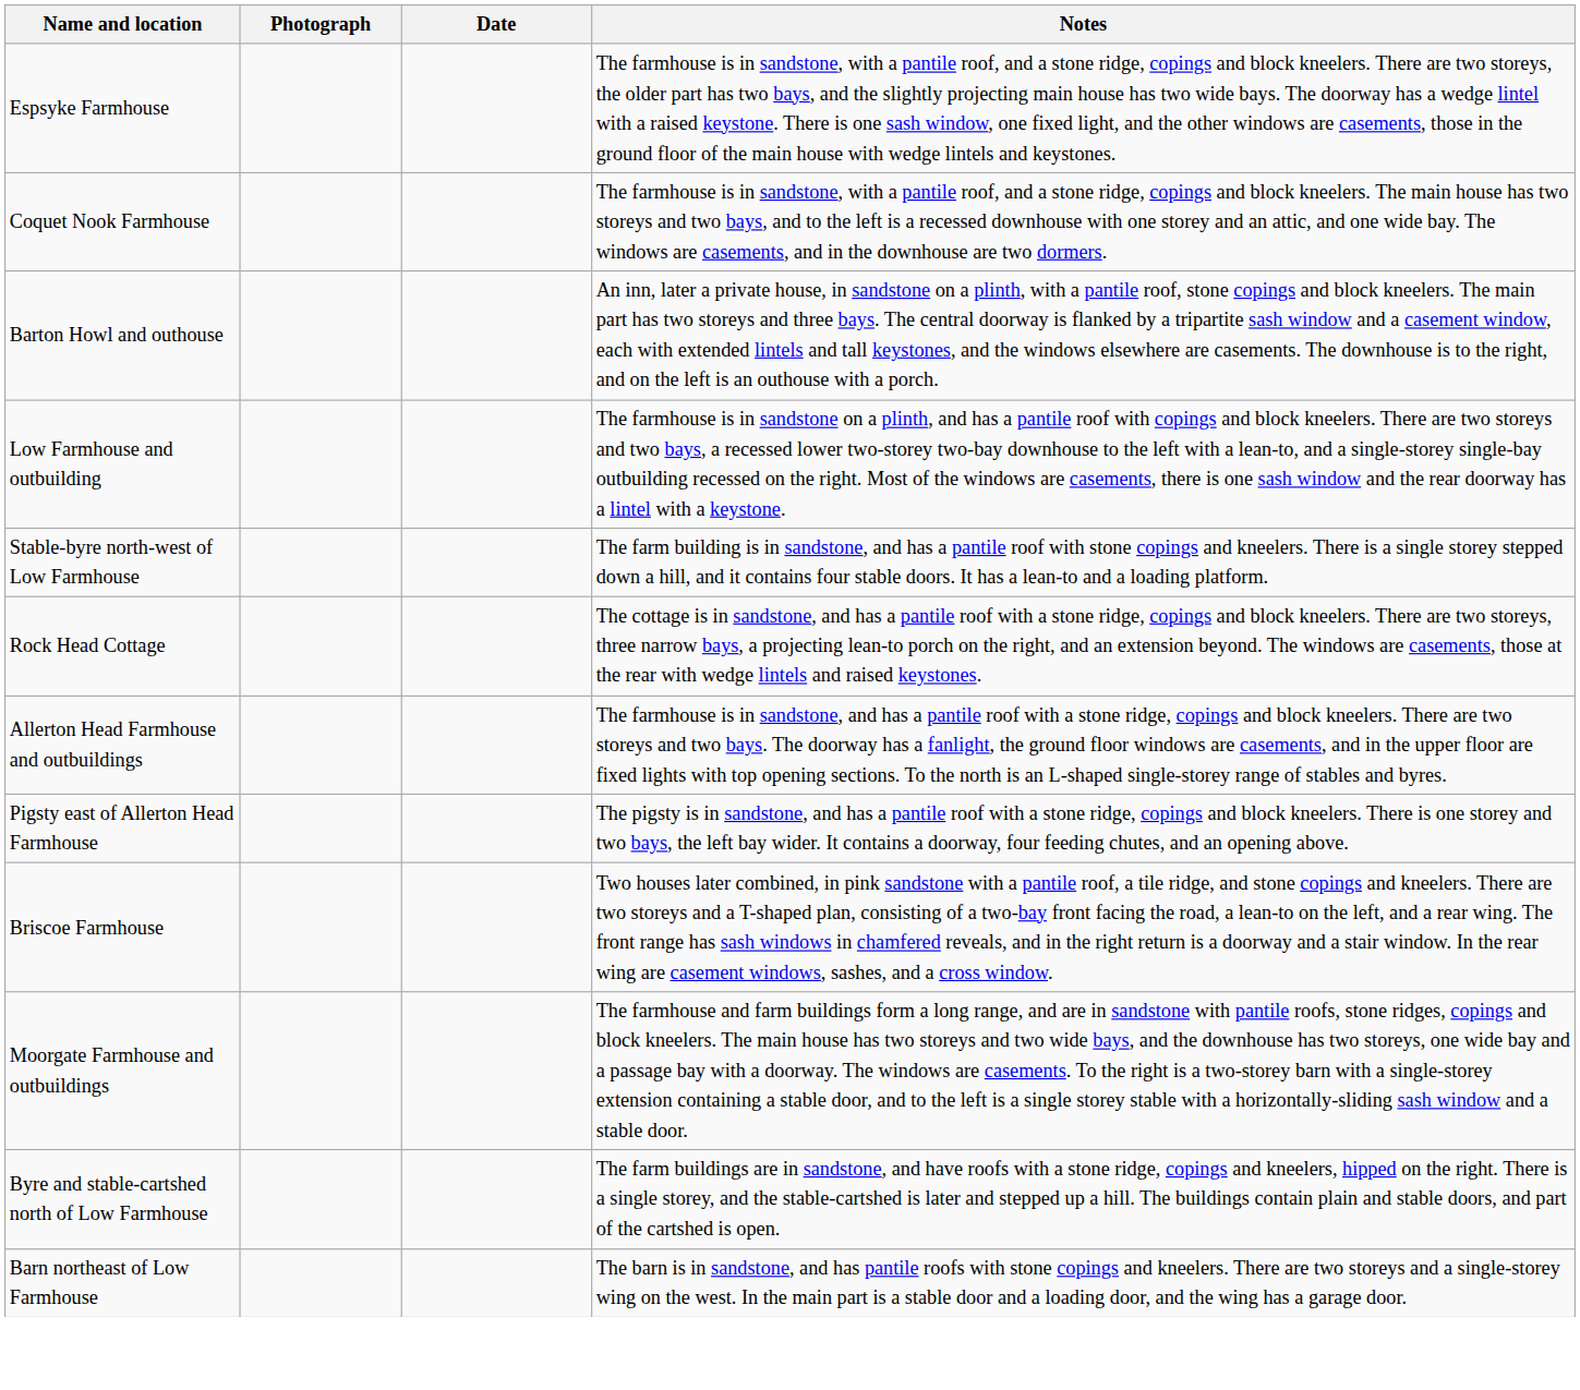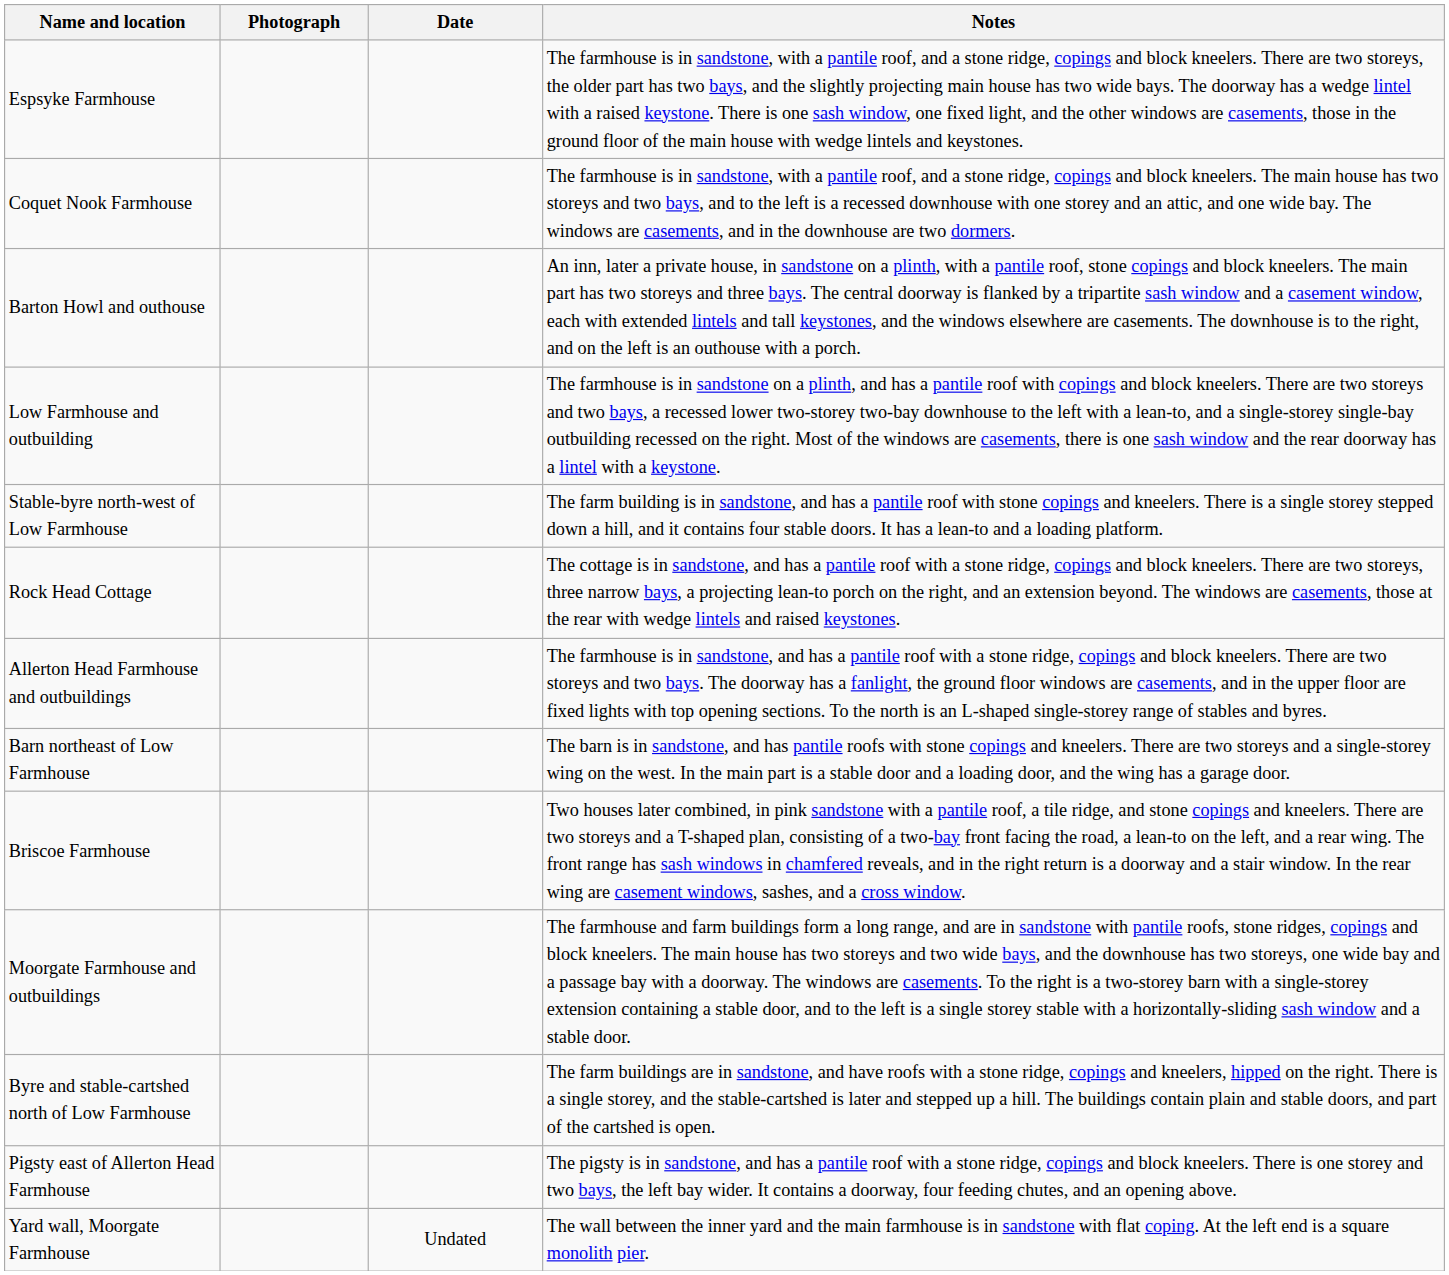 <table class="wikitable sortable plainrowheaders" style="width:100%;border:0px;text-align:left;line-height:150%;">
 <tr>
 <th scope="col"  style="width:150px">Name and location</th>
 <th scope="col"  style="width:100px" class="unsortable">Photograph</th>
 <th scope="col"  style="width:120px">Date</th>
 <th scope="col"  style="width:650px" class="unsortable">Notes</th>
 </tr>
 <tr>
 <td>Espsyke Farmhouse<br><small></small></td>
 <td></td>
 <td align="center"></td>
 <td>The farmhouse is in <a href='#'>sandstone</a>, with a <a href='#'>pantile</a> roof, and a stone ridge, <a href='#'>copings</a> and block kneelers. There are two storeys, the older part has two <a href='#'>bays</a>, and the slightly projecting main house has two wide bays. The doorway has a wedge <a href='#'>lintel</a> with a raised <a href='#'>keystone</a>. There is one <a href='#'>sash window</a>, one fixed light, and the other windows are <a href='#'>casements</a>, those in the ground floor of the main house with wedge lintels and keystones.</td>
 </tr>
 <tr>
 <td>Coquet Nook Farmhouse<br><small></small></td>
 <td></td>
 <td align="center"></td>
 <td>The farmhouse is in <a href='#'>sandstone</a>, with a <a href='#'>pantile</a> roof, and a stone ridge, <a href='#'>copings</a> and block kneelers. The main house has two storeys and two <a href='#'>bays</a>, and to the left is a recessed downhouse with one storey and an attic, and one wide bay. The windows are <a href='#'>casements</a>, and in the downhouse are two <a href='#'>dormers</a>.</td>
 </tr>
 <tr>
 <td>Barton Howl and outhouse<br><small></small></td>
 <td></td>
 <td align="center"></td>
 <td>An inn, later a private house, in <a href='#'>sandstone</a> on a <a href='#'>plinth</a>, with a <a href='#'>pantile</a> roof, stone <a href='#'>copings</a> and block kneelers. The main part has two storeys and three <a href='#'>bays</a>. The central doorway is flanked by a tripartite <a href='#'>sash window</a> and a <a href='#'>casement window</a>, each with extended <a href='#'>lintels</a> and tall <a href='#'>keystones</a>, and the windows elsewhere are casements. The downhouse is to the right, and on the left is an outhouse with a porch.</td>
 </tr>
 <tr>
 <td>Low Farmhouse and outbuilding<br><small></small></td>
 <td></td>
 <td align="center"></td>
 <td>The farmhouse is in <a href='#'>sandstone</a> on a <a href='#'>plinth</a>, and has a <a href='#'>pantile</a> roof with <a href='#'>copings</a> and block kneelers. There are two storeys and two <a href='#'>bays</a>, a recessed lower two-storey two-bay downhouse to the left with a lean-to, and a single-storey single-bay outbuilding recessed on the right. Most of the windows are <a href='#'>casements</a>, there is one <a href='#'>sash window</a> and the rear doorway has a <a href='#'>lintel</a> with a <a href='#'>keystone</a>.</td>
 </tr>
 <tr>
 <td>Stable-byre north-west of Low Farmhouse<br><small></small></td>
 <td></td>
 <td align="center"></td>
 <td>The farm building is in <a href='#'>sandstone</a>, and has a <a href='#'>pantile</a> roof with stone <a href='#'>copings</a> and kneelers. There is a single storey stepped down a hill, and it contains four stable doors. It has a lean-to and a loading platform.</td>
 </tr>
 <tr>
 <td>Rock Head Cottage<br><small></small></td>
 <td></td>
 <td align="center"></td>
 <td>The cottage is in <a href='#'>sandstone</a>, and has a <a href='#'>pantile</a> roof with a stone ridge, <a href='#'>copings</a> and block kneelers. There are two storeys, three narrow <a href='#'>bays</a>, a projecting lean-to porch on the right, and an extension beyond. The windows are <a href='#'>casements</a>, those at the rear with wedge <a href='#'>lintels</a> and raised <a href='#'>keystones</a>.</td>
 </tr>
 <tr>
 <td>Allerton Head Farmhouse and outbuildings<br><small></small></td>
 <td></td>
 <td align="center"></td>
 <td>The farmhouse is in <a href='#'>sandstone</a>, and has a <a href='#'>pantile</a> roof with a stone ridge, <a href='#'>copings</a> and block kneelers. There are two storeys and two <a href='#'>bays</a>. The doorway has a <a href='#'>fanlight</a>, the ground floor windows are <a href='#'>casements</a>, and in the upper floor are fixed lights with top opening sections. To the north is an L-shaped single-storey range of stables and byres.</td>
 </tr>
 <tr>
-<td>Pigsty east of Allerton Head Farmhouse<br><small></small></td>
+<td>Barn northeast of Low Farmhouse<br><small></small></td>
 <td></td>
 <td align="center"></td>
-<td>The pigsty is in <a href='#'>sandstone</a>, and has a <a href='#'>pantile</a> roof with a stone ridge, <a href='#'>copings</a> and block kneelers. There is one storey and two <a href='#'>bays</a>, the left bay wider. It contains a doorway, four feeding chutes, and an opening above.</td>
+<td>The barn is in <a href='#'>sandstone</a>, and has <a href='#'>pantile</a> roofs with stone <a href='#'>copings</a> and kneelers. There are two storeys and a single-storey wing on the west. In the main part is a stable door and a loading door, and the wing has a garage door.</td>
 </tr>
 <tr>
 <td>Briscoe Farmhouse<br><small></small></td>
 <td></td>
 <td align="center"></td>
 <td>Two houses later combined, in pink <a href='#'>sandstone</a> with a <a href='#'>pantile</a> roof, a tile ridge, and stone <a href='#'>copings</a> and kneelers. There are two storeys and a T-shaped plan, consisting of a two-<a href='#'>bay</a> front facing the road, a lean-to on the left, and a rear wing. The front range has <a href='#'>sash windows</a> in <a href='#'>chamfered</a> reveals,  and in the right return is a doorway and a stair window. In the rear wing are <a href='#'>casement windows</a>, sashes, and a <a href='#'>cross window</a>.</td>
 </tr>
 <tr>
 <td>Moorgate Farmhouse and outbuildings<br><small></small></td>
 <td></td>
 <td align="center"></td>
 <td>The farmhouse and farm buildings form a long range, and are in <a href='#'>sandstone</a> with <a href='#'>pantile</a> roofs, stone ridges, <a href='#'>copings</a> and block kneelers. The main house has two storeys and two wide <a href='#'>bays</a>, and the downhouse has two storeys, one wide bay and a passage bay with a doorway. The windows are <a href='#'>casements</a>. To the right is a two-storey barn with a single-storey extension containing a stable door, and to the left is a single storey stable with a horizontally-sliding <a href='#'>sash window</a> and a stable door.</td>
 </tr>
 <tr>
 <td>Byre and stable-cartshed north of Low Farmhouse<br><small></small></td>
 <td></td>
 <td align="center"></td>
 <td>The farm buildings are in <a href='#'>sandstone</a>, and have roofs with a stone ridge, <a href='#'>copings</a> and kneelers, <a href='#'>hipped</a> on the right. There is a single storey, and the stable-cartshed is later and stepped up a hill. The buildings contain plain and stable doors, and part of the cartshed is open.</td>
 </tr>
 <tr>
-<td>Barn northeast of Low Farmhouse<br><small></small></td>
+<td>Pigsty east of Allerton Head Farmhouse<br><small></small></td>
 <td></td>
 <td align="center"></td>
-<td>The barn is in <a href='#'>sandstone</a>, and has <a href='#'>pantile</a> roofs with stone <a href='#'>copings</a> and kneelers. There are two storeys and a single-storey wing on the west. In the main part is a stable door and a loading door, and the wing has a garage door.</td>
+<td>The pigsty is in <a href='#'>sandstone</a>, and has a <a href='#'>pantile</a> roof with a stone ridge, <a href='#'>copings</a> and block kneelers. There is one storey and two <a href='#'>bays</a>, the left bay wider. It contains a doorway, four feeding chutes, and an opening above.</td>
+</tr>
+<tr>
+<td>Yard wall, Moorgate Farmhouse<br><small></small></td>
+<td></td>
+<td align="center">Undated</td>
+<td>The wall between the inner yard and the main farmhouse is in <a href='#'>sandstone</a> with flat <a href='#'>coping</a>. At the left end is a square <a href='#'>monolith</a> <a href='#'>pier</a>.</td>
 </tr>
 <tr>
 </tr>
 </table>
